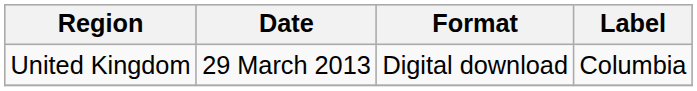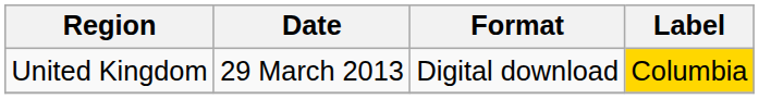 <table class=wikitable>
 <tr>
 <th scope="col">Region</th>
 <th scope="col">Date</th>
 <th scope="col">Format</th>
 <th scope="col">Label</th>
 </tr>
 <tr>
 <td>United Kingdom</td>
 <td>29 March 2013</td>
 <td>Digital download</td>
-<td>Columbia</td>
+<td style="background: gold;">Columbia</td>
 </tr>
 <tr>
 </tr>
 </table>
